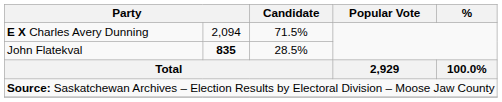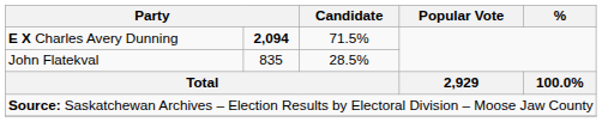 <table class="wikitable">
 <tr>
 <th colspan="2">Party</th>
 <th>Candidate</th>
 <th>Popular Vote</th>
 <th>%</th>
 </tr>
 <tr>
 <td><strong>E</strong> <strong>X</strong> Charles Avery Dunning</td>
-<td align=center>2,094</td>
+<td align=center><strong>2,094</strong></td>
 <td align=center>71.5%</td>
 </tr>
 <tr>
 <td>John Flatekval</td>
-<td align=center><strong>835</strong></td>
+<td align=center>835</td>
 <td align=center>28.5%</td>
 </tr>
 <tr>
 <th colspan=3>Total</th>
 <th>2,929</th>
 <th>100.0%</th>
 </tr>
 <tr>
 <td align="center" colspan=5><strong>Source:</strong> Saskatchewan Archives – Election Results by Electoral Division – Moose Jaw County</td>
 </tr>
 <tr>
 </tr>
 </table>
